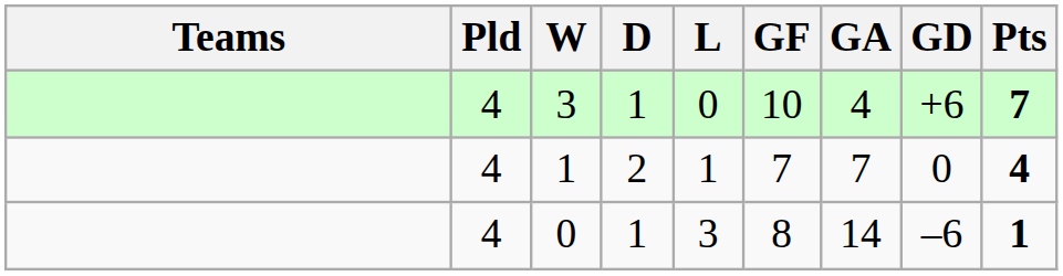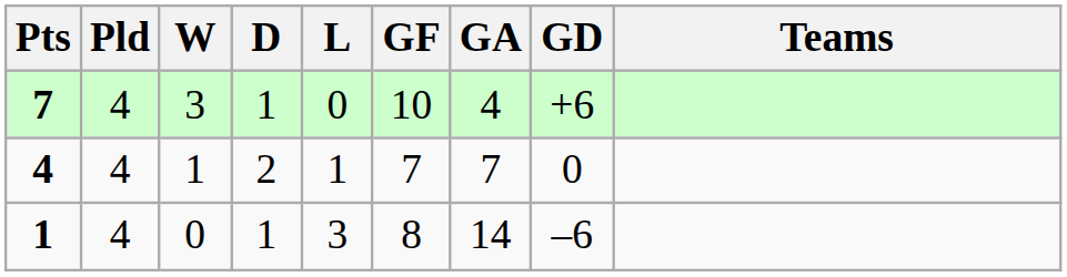 <table class="wikitable" style="text-align: center;">
 <tr>
-<th width=165>Teams</th>
+<th width=20>Pts</th>
 <th width=20>Pld</th>
 <th width=20>W</th>
 <th width=20>D</th>
 <th width=20>L</th>
 <th width=20>GF</th>
 <th width=20>GA</th>
 <th width=20>GD</th>
-<th width=20>Pts</th>
+<th width=165>Teams</th>
 </tr>
 <tr align=center style="background:#ccffcc;">
-<td style="text-align:left;"></td>
+<td><strong>7</strong></td>
 <td>4</td>
 <td>3</td>
 <td>1</td>
 <td>0</td>
 <td>10</td>
 <td>4</td>
 <td>+6</td>
-<td><strong>7</strong></td>
+<td style="text-align:left;"></td>
 </tr>
 <tr align=center>
-<td style="text-align:left;"></td>
+<td><strong>4</strong></td>
 <td>4</td>
 <td>1</td>
 <td>2</td>
 <td>1</td>
 <td>7</td>
 <td>7</td>
 <td>0</td>
-<td><strong>4</strong></td>
+<td style="text-align:left;"></td>
 </tr>
 <tr align=center>
-<td style="text-align:left;"></td>
+<td><strong>1</strong></td>
 <td>4</td>
 <td>0</td>
 <td>1</td>
 <td>3</td>
 <td>8</td>
 <td>14</td>
 <td>–6</td>
-<td><strong>1</strong></td>
+<td style="text-align:left;"></td>
 </tr>
 </table>
